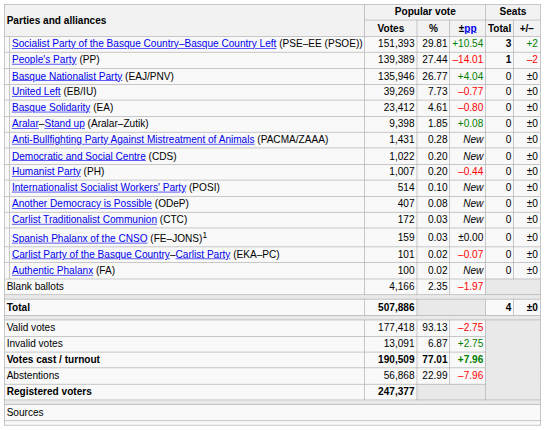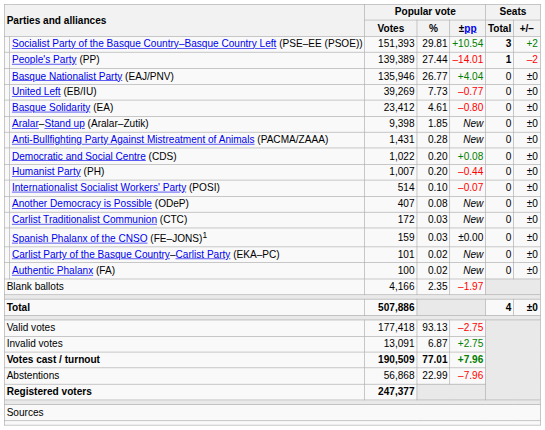 <table class="wikitable" style="text-align:right;">
 <tr>
 <th style="text-align:left;" rowspan="2" colspan="2" width="525">Parties and alliances</th>
 <th colspan="3">Popular vote</th>
 <th colspan="2">Seats</th>
 </tr>
 <tr>
 <th width="75">Votes</th>
 <th width="45">%</th>
 <th width="45">±<a href='#'>pp</a></th>
 <th width="35">Total</th>
 <th width="35">+/−</th>
 </tr>
 <tr>
 <td width="1" style="color:inherit;background:"></td>
 <td align="left"><a href='#'>Socialist Party of the Basque Country–Basque Country Left</a> (PSE–EE (PSOE))</td>
 <td>151,393</td>
 <td>29.81</td>
 <td style="color:green;">+10.54</td>
 <td><strong>3</strong></td>
 <td style="color:green;">+2</td>
 </tr>
 <tr>
 <td style="color:inherit;background:"></td>
 <td align="left"><a href='#'>People's Party</a> (PP)</td>
 <td>139,389</td>
 <td>27.44</td>
 <td style="color:red;">–14.01</td>
 <td><strong>1</strong></td>
 <td style="color:red;">–2</td>
 </tr>
 <tr>
 <td style="color:inherit;background:"></td>
 <td align="left"><a href='#'>Basque Nationalist Party</a> (EAJ/PNV)</td>
 <td>135,946</td>
 <td>26.77</td>
 <td style="color:green;">+4.04</td>
 <td>0</td>
 <td>±0</td>
 </tr>
 <tr>
 <td style="color:inherit;background:"></td>
 <td align="left"><a href='#'>United Left</a> (EB/IU)</td>
 <td>39,269</td>
 <td>7.73</td>
 <td style="color:red;">–0.77</td>
 <td>0</td>
 <td>±0</td>
 </tr>
 <tr>
 <td style="color:inherit;background:"></td>
 <td align="left"><a href='#'>Basque Solidarity</a> (EA)</td>
 <td>23,412</td>
 <td>4.61</td>
 <td style="color:red;">–0.80</td>
 <td>0</td>
 <td>±0</td>
 </tr>
 <tr>
 <td style="color:inherit;background:"></td>
 <td align="left"><a href='#'>Aralar</a>–<a href='#'>Stand up</a> (Aralar–Zutik)</td>
 <td>9,398</td>
 <td>1.85</td>
-<td style="color:green;">+0.08</td>
+<td><em>New</em></td>
 <td>0</td>
 <td>±0</td>
 </tr>
 <tr>
 <td style="color:inherit;background:"></td>
 <td align="left"><a href='#'>Anti-Bullfighting Party Against Mistreatment of Animals</a> (PACMA/ZAAA)</td>
 <td>1,431</td>
 <td>0.28</td>
 <td><em>New</em></td>
 <td>0</td>
 <td>±0</td>
 </tr>
 <tr>
 <td style="color:inherit;background:"></td>
 <td align="left"><a href='#'>Democratic and Social Centre</a> (CDS)</td>
 <td>1,022</td>
 <td>0.20</td>
-<td><em>New</em></td>
+<td style="color:green;">+0.08</td>
 <td>0</td>
 <td>±0</td>
 </tr>
 <tr>
 <td style="color:inherit;background:"></td>
 <td align="left"><a href='#'>Humanist Party</a> (PH)</td>
 <td>1,007</td>
 <td>0.20</td>
 <td style="color:red;">–0.44</td>
 <td>0</td>
 <td>±0</td>
 </tr>
 <tr>
 <td style="color:inherit;background:"></td>
 <td align="left"><a href='#'>Internationalist Socialist Workers' Party</a> (POSI)</td>
 <td>514</td>
 <td>0.10</td>
-<td><em>New</em></td>
+<td style="color:red;">–0.07</td>
 <td>0</td>
 <td>±0</td>
 </tr>
 <tr>
 <td style="color:inherit;background:"></td>
 <td align="left"><a href='#'>Another Democracy is Possible</a> (ODeP)</td>
 <td>407</td>
 <td>0.08</td>
 <td><em>New</em></td>
 <td>0</td>
 <td>±0</td>
 </tr>
 <tr>
 <td style="color:inherit;background:"></td>
 <td align="left"><a href='#'>Carlist Traditionalist Communion</a> (CTC)</td>
 <td>172</td>
 <td>0.03</td>
 <td><em>New</em></td>
 <td>0</td>
 <td>±0</td>
 </tr>
 <tr>
 <td style="color:inherit;background:"></td>
 <td align="left"><a href='#'>Spanish Phalanx of the CNSO</a> (FE–JONS)<sup>1</sup></td>
 <td>159</td>
 <td>0.03</td>
 <td>±0.00</td>
 <td>0</td>
 <td>±0</td>
 </tr>
 <tr>
 <td style="color:inherit;background:"></td>
 <td align="left"><a href='#'>Carlist Party of the Basque Country</a>–<a href='#'>Carlist Party</a> (EKA–PC)</td>
 <td>101</td>
 <td>0.02</td>
-<td style="color:red;">–0.07</td>
+<td><em>New</em></td>
 <td>0</td>
 <td>±0</td>
 </tr>
 <tr>
 <td style="color:inherit;background:"></td>
 <td align="left"><a href='#'>Authentic Phalanx</a> (FA)</td>
 <td>100</td>
 <td>0.02</td>
 <td><em>New</em></td>
 <td>0</td>
 <td>±0</td>
 </tr>
 <tr>
 <td align="left" colspan="2">Blank ballots</td>
 <td>4,166</td>
 <td>2.35</td>
 <td style="color:red;">–1.97</td>
 <td bgcolor="#E9E9E9" colspan="2"></td>
 </tr>
 <tr>
 <td colspan="7" bgcolor="#E9E9E9"></td>
 </tr>
 <tr style="font-weight:bold;">
 <td align="left" colspan="2">Total</td>
 <td>507,886</td>
 <td bgcolor="#E9E9E9" colspan="2"></td>
 <td>4</td>
 <td>±0</td>
 </tr>
 <tr>
 <td colspan="7" bgcolor="#E9E9E9"></td>
 </tr>
 <tr>
 <td align="left" colspan="2">Valid votes</td>
 <td>177,418</td>
 <td>93.13</td>
 <td style="color:red;">–2.75</td>
 <td bgcolor="#E9E9E9" colspan="2" rowspan="5"></td>
 </tr>
 <tr>
 <td align="left" colspan="2">Invalid votes</td>
 <td>13,091</td>
 <td>6.87</td>
 <td style="color:green;">+2.75</td>
 </tr>
 <tr style="font-weight:bold;">
 <td align="left" colspan="2">Votes cast / turnout</td>
 <td>190,509</td>
 <td>77.01</td>
 <td style="color:green;">+7.96</td>
 </tr>
 <tr>
 <td align="left" colspan="2">Abstentions</td>
 <td>56,868</td>
 <td>22.99</td>
 <td style="color:red;">–7.96</td>
 </tr>
 <tr style="font-weight:bold;">
 <td align="left" colspan="2">Registered voters</td>
 <td>247,377</td>
 <td bgcolor="#E9E9E9" colspan="2"></td>
 </tr>
 <tr>
 <td colspan="7" bgcolor="#E9E9E9"></td>
 </tr>
 <tr>
 <td align="left" colspan="7">Sources</td>
 </tr>
 <tr>
 <td colspan="7" style="text-align:left; max-width:790px;"></td>
 </tr>
 </table>
